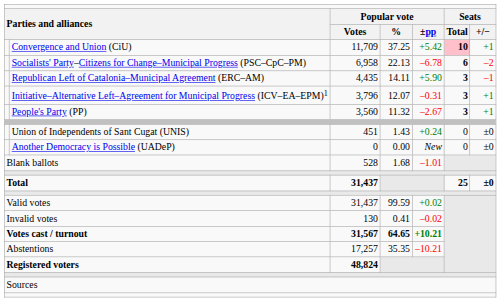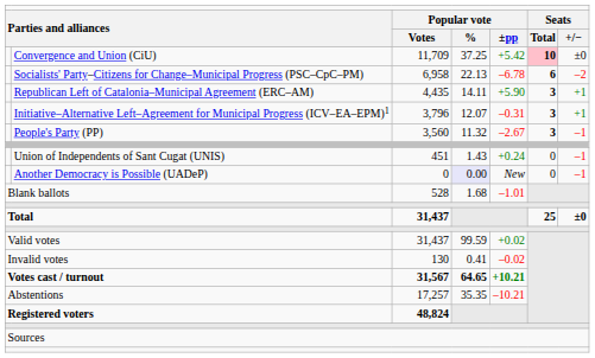 <table class="wikitable" style="text-align:right;">
 <tr>
 <td colspan="7"></td>
 </tr>
 <tr>
 <th style="text-align:left;" rowspan="2" colspan="2" width="525">Parties and alliances</th>
 <th colspan="3">Popular vote</th>
 <th colspan="2">Seats</th>
 </tr>
 <tr>
 <th width="75">Votes</th>
 <th width="45">%</th>
 <th width="45">±<a href='#'>pp</a></th>
 <th width="35">Total</th>
 <th width="35">+/−</th>
 </tr>
 <tr>
 <td width="1" style="color:inherit;background:"></td>
 <td align="left"><a href='#'>Convergence and Union</a> (CiU)</td>
 <td>11,709</td>
 <td>37.25</td>
 <td style="color:green;">+5.42</td>
 <td style="background: pink;"><strong>10</strong></td>
-<td style="color:green;">+1</td>
+<td>±0</td>
 </tr>
 <tr>
 <td style="color:inherit;background:"></td>
 <td align="left"><a href='#'>Socialists' Party</a>–<a href='#'>Citizens for Change–Municipal Progress</a> (PSC–CpC–PM)</td>
 <td>6,958</td>
 <td>22.13</td>
 <td style="color:red;">–6.78</td>
 <td><strong>6</strong></td>
 <td style="color:red;">–2</td>
 </tr>
 <tr>
 <td style="color:inherit;background:"></td>
 <td align="left"><a href='#'>Republican Left of Catalonia–Municipal Agreement</a> (ERC–AM)</td>
 <td>4,435</td>
 <td>14.11</td>
 <td style="color:green;">+5.90</td>
 <td><strong>3</strong></td>
-<td style="color:red;">–1</td>
+<td style="color:green;">+1</td>
 </tr>
 <tr>
 <td style="color:inherit;background:"></td>
 <td align="left"><a href='#'>Initiative–Alternative Left–Agreement for Municipal Progress</a> (ICV–EA–EPM)<sup>1</sup></td>
 <td>3,796</td>
 <td>12.07</td>
 <td style="color:red;">–0.31</td>
 <td><strong>3</strong></td>
 <td style="color:green;">+1</td>
 </tr>
 <tr>
 <td style="color:inherit;background:"></td>
 <td align="left"><a href='#'>People's Party</a> (PP)</td>
 <td>3,560</td>
 <td>11.32</td>
 <td style="color:red;">–2.67</td>
 <td><strong>3</strong></td>
-<td style="color:green;">+1</td>
+<td style="color:red;">–1</td>
 </tr>
 <tr>
 <td colspan="7" style="color:inherit;background:#C0C0C0"></td>
 </tr>
 <tr>
 <td style="color:inherit;background:"></td>
 <td align="left">Union of Independents of Sant Cugat (UNIS)</td>
 <td>451</td>
 <td>1.43</td>
 <td style="color:green;">+0.24</td>
 <td>0</td>
-<td>±0</td>
+<td style="color:red;">–1</td>
 </tr>
 <tr>
 <td style="color:inherit;background:"></td>
 <td align="left"><a href='#'>Another Democracy is Possible</a> (UADeP)</td>
 <td>0</td>
-<td>0.00</td>
+<td style="background: lavender;">0.00</td>
 <td><em>New</em></td>
 <td>0</td>
-<td>±0</td>
+<td style="color:red;">–1</td>
 </tr>
 <tr>
 <td align="left" colspan="2">Blank ballots</td>
 <td>528</td>
 <td>1.68</td>
 <td style="color:red;">–1.01</td>
 <td style="color:inherit;background:#E9E9E9" colspan="2"></td>
 </tr>
 <tr>
 <td colspan="7" style="color:inherit;background:#E9E9E9"></td>
 </tr>
 <tr style="font-weight:bold;">
 <td align="left" colspan="2">Total</td>
 <td>31,437</td>
 <td bgcolor="#E9E9E9" colspan="2"></td>
 <td>25</td>
 <td>±0</td>
 </tr>
 <tr>
 <td colspan="7" style="color:inherit;background:#E9E9E9"></td>
 </tr>
 <tr>
 <td align="left" colspan="2">Valid votes</td>
 <td>31,437</td>
 <td>99.59</td>
 <td style="color:green;">+0.02</td>
 <td bgcolor="#E9E9E9" colspan="2" rowspan="5"></td>
 </tr>
 <tr>
 <td align="left" colspan="2">Invalid votes</td>
 <td>130</td>
 <td>0.41</td>
 <td style="color:red;">–0.02</td>
 </tr>
 <tr style="font-weight:bold;">
 <td align="left" colspan="2">Votes cast / turnout</td>
 <td>31,567</td>
 <td>64.65</td>
 <td style="color:green;">+10.21</td>
 </tr>
 <tr>
 <td align="left" colspan="2">Abstentions</td>
 <td>17,257</td>
 <td>35.35</td>
 <td style="color:red;">–10.21</td>
 </tr>
 <tr style="font-weight:bold;">
 <td align="left" colspan="2">Registered voters</td>
 <td>48,824</td>
 <td bgcolor="#E9E9E9" colspan="2"></td>
 </tr>
 <tr>
 <td colspan="7" style="color:inherit;background:#E9E9E9"></td>
 </tr>
 <tr>
 <td align="left" colspan="7">Sources</td>
 </tr>
 <tr>
 <td colspan="7" style="text-align:left; max-width:790px;"></td>
 </tr>
 </table>
